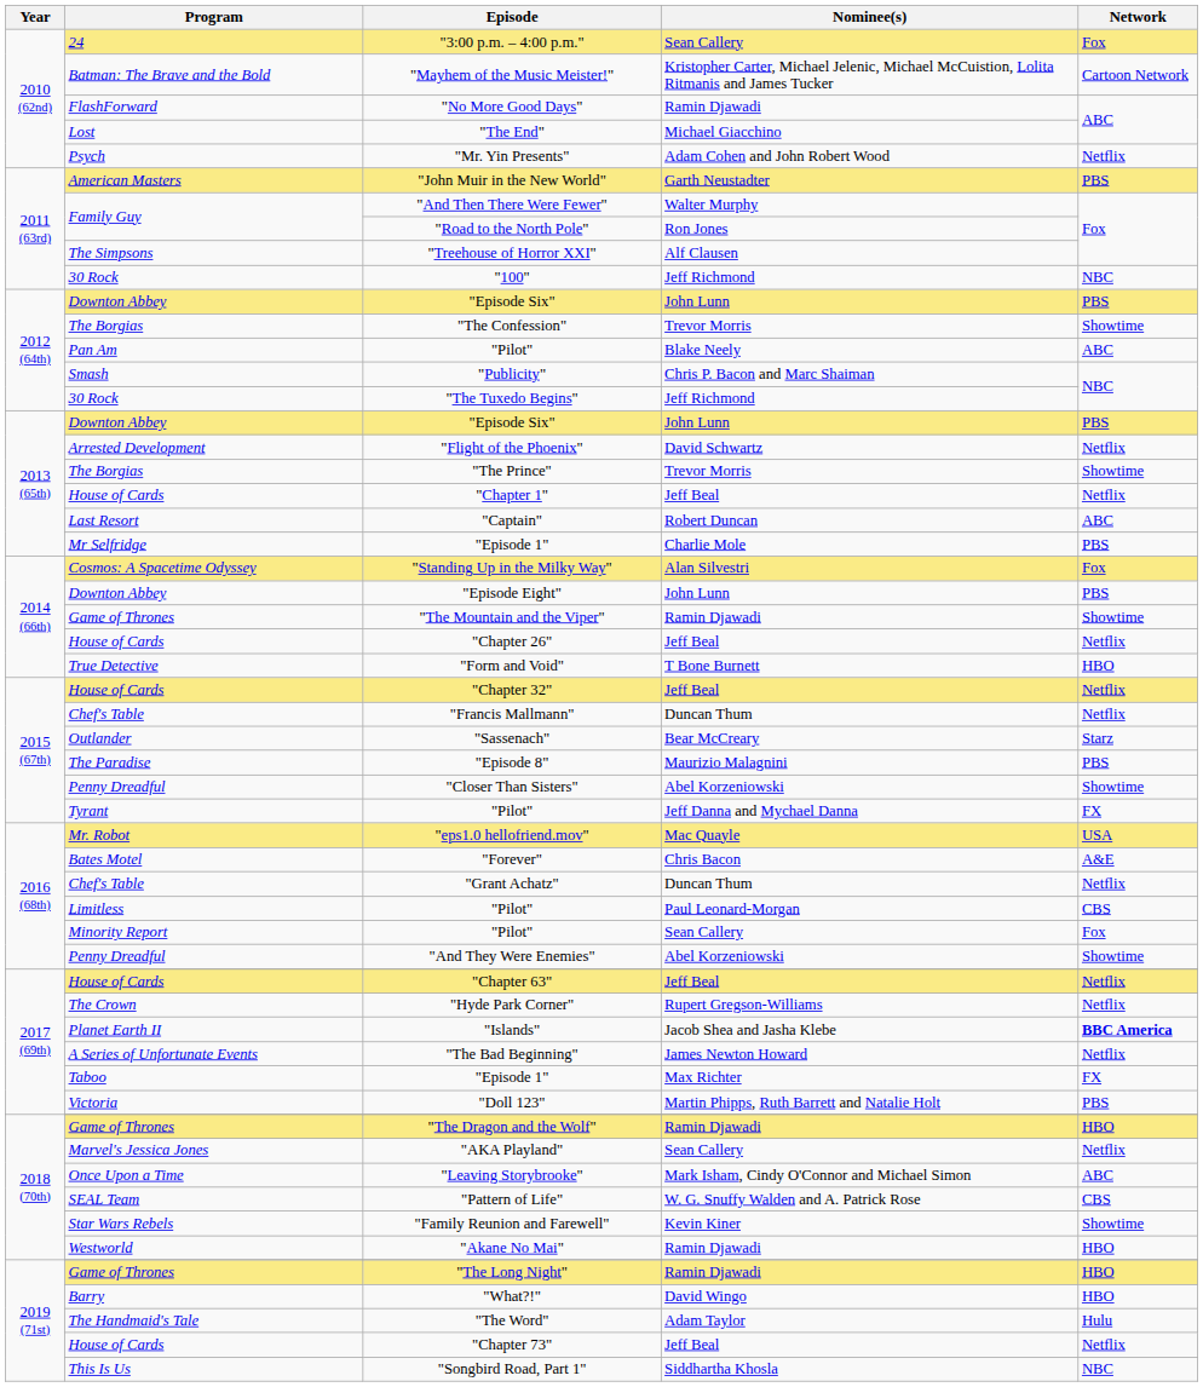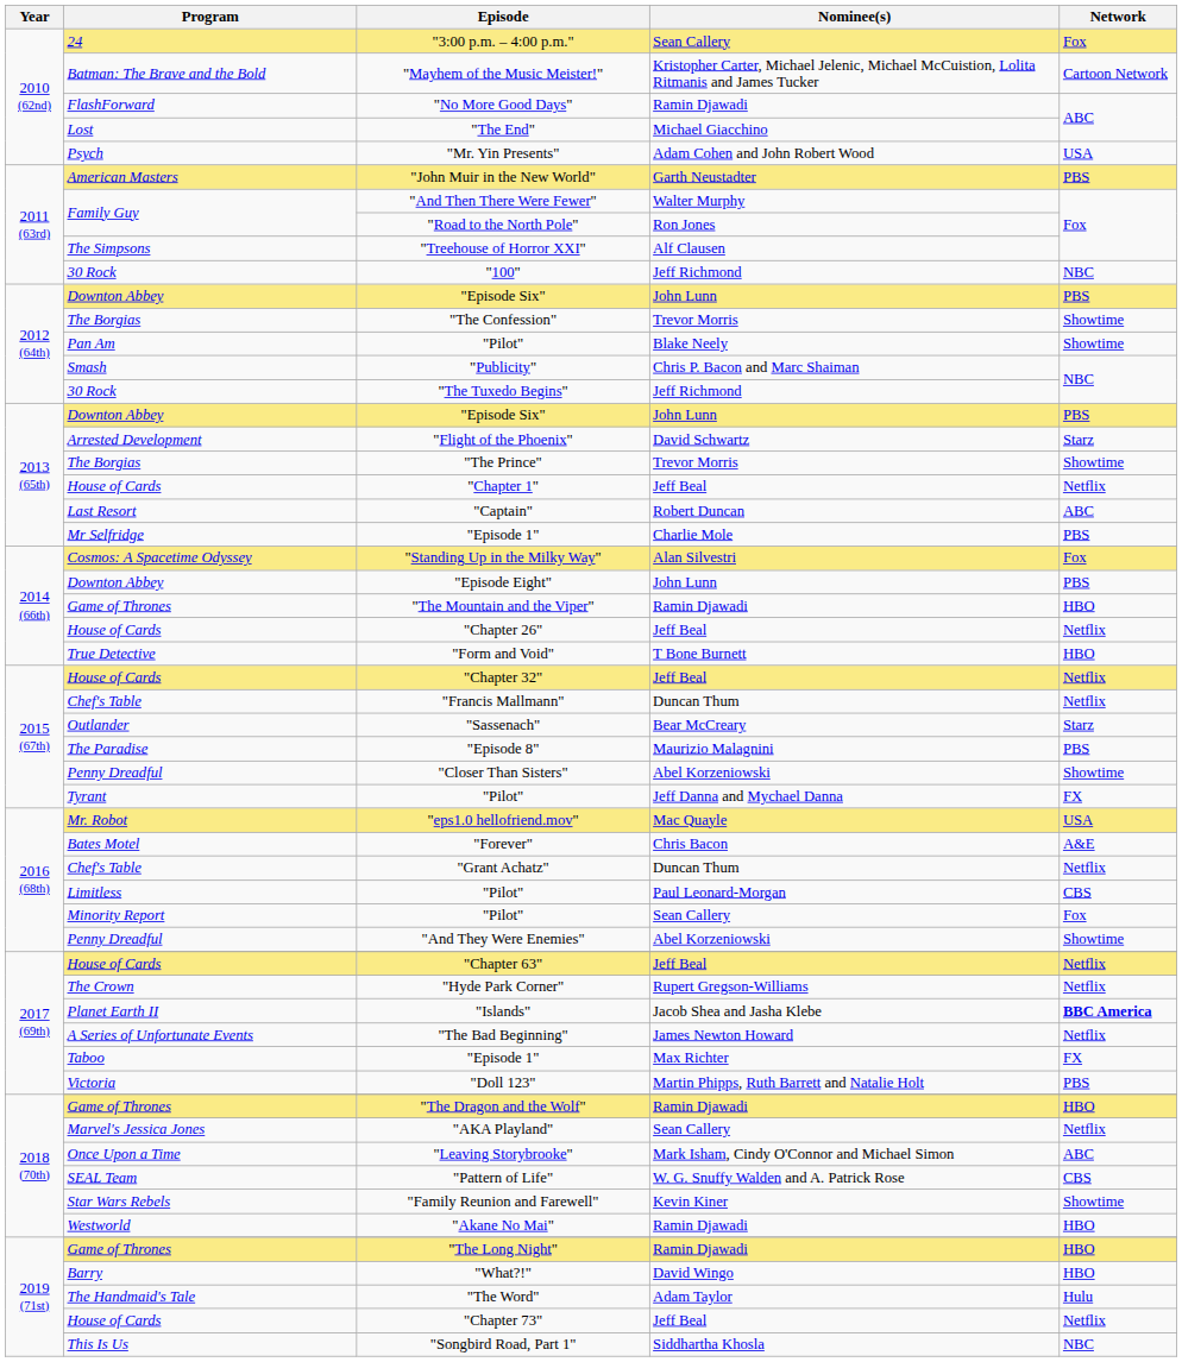 <table class="wikitable">
 <tr>
 <th width="5%">Year</th>
 <th width="25%">Program</th>
 <th width="25%">Episode</th>
 <th width="35%">Nominee(s)</th>
 <th width="10%">Network</th>
 </tr>
 <tr>
 <td rowspan="5" style="text-align:center;"><a href='#'>2010</a><br><small><a href='#'>(62nd)</a></small></td>
 <td style="background:#FAEB86;"><em><a href='#'>24</a></em></td>
 <td style="background:#FAEB86;" align=center>"3:00 p.m. – 4:00 p.m."</td>
 <td style="background:#FAEB86;"><a href='#'>Sean Callery</a></td>
 <td style="background:#FAEB86;"><a href='#'>Fox</a></td>
 </tr>
 <tr>
 <td><em><a href='#'>Batman: The Brave and the Bold</a></em></td>
 <td align=center>"<a href='#'>Mayhem of the Music Meister!</a>"</td>
 <td><a href='#'>Kristopher Carter</a>, Michael Jelenic, Michael McCuistion, <a href='#'>Lolita Ritmanis</a> and James Tucker</td>
 <td><a href='#'>Cartoon Network</a></td>
 </tr>
 <tr>
 <td><em><a href='#'>FlashForward</a></em></td>
 <td align=center>"<a href='#'>No More Good Days</a>"</td>
 <td><a href='#'>Ramin Djawadi</a></td>
 <td rowspan=2><a href='#'>ABC</a></td>
 </tr>
 <tr>
 <td><em><a href='#'>Lost</a></em></td>
 <td align=center>"<a href='#'>The End</a>"</td>
 <td><a href='#'>Michael Giacchino</a></td>
 </tr>
 <tr>
 <td><em><a href='#'>Psych</a></em></td>
 <td align=center>"Mr. Yin Presents"</td>
 <td><a href='#'>Adam Cohen</a> and John Robert Wood</td>
-<td><a href='#'>Netflix</a></td>
+<td><a href='#'>USA</a></td>
 </tr>
 <tr>
 <td rowspan="5" style="text-align:center;"><a href='#'>2011</a><br><small><a href='#'>(63rd)</a></small></td>
 <td style="background:#FAEB86;"><em><a href='#'>American Masters</a></em></td>
 <td style="background:#FAEB86;" align=center>"John Muir in the New World"</td>
 <td style="background:#FAEB86;"><a href='#'>Garth Neustadter</a></td>
 <td style="background:#FAEB86;"><a href='#'>PBS</a></td>
 </tr>
 <tr>
 <td rowspan=2><em><a href='#'>Family Guy</a></em></td>
 <td align=center>"<a href='#'>And Then There Were Fewer</a>"</td>
 <td><a href='#'>Walter Murphy</a></td>
 <td rowspan=3><a href='#'>Fox</a></td>
 </tr>
 <tr>
 <td align=center>"<a href='#'>Road to the North Pole</a>"</td>
 <td><a href='#'>Ron Jones</a></td>
 </tr>
 <tr>
 <td><em><a href='#'>The Simpsons</a></em></td>
 <td align=center>"<a href='#'>Treehouse of Horror XXI</a>"</td>
 <td><a href='#'>Alf Clausen</a></td>
 </tr>
 <tr>
 <td><em><a href='#'>30 Rock</a></em></td>
 <td align=center>"<a href='#'>100</a>"</td>
 <td><a href='#'>Jeff Richmond</a></td>
 <td><a href='#'>NBC</a></td>
 </tr>
 <tr>
 <td rowspan="5" style="text-align:center;"><a href='#'>2012</a><br><small><a href='#'>(64th)</a></small></td>
 <td style="background:#FAEB86;"><em><a href='#'>Downton Abbey</a></em></td>
 <td style="background:#FAEB86;" align=center>"Episode Six"</td>
 <td style="background:#FAEB86;"><a href='#'>John Lunn</a></td>
 <td style="background:#FAEB86;"><a href='#'>PBS</a></td>
 </tr>
 <tr>
 <td><em><a href='#'>The Borgias</a></em></td>
 <td align=center>"The Confession"</td>
 <td><a href='#'>Trevor Morris</a></td>
 <td><a href='#'>Showtime</a></td>
 </tr>
 <tr>
 <td><em><a href='#'>Pan Am</a></em></td>
 <td align=center>"Pilot"</td>
 <td><a href='#'>Blake Neely</a></td>
-<td><a href='#'>ABC</a></td>
+<td><a href='#'>Showtime</a></td>
 </tr>
 <tr>
 <td><em><a href='#'>Smash</a></em></td>
 <td align=center>"<a href='#'>Publicity</a>"</td>
 <td><a href='#'>Chris P. Bacon</a> and <a href='#'>Marc Shaiman</a></td>
 <td rowspan=2><a href='#'>NBC</a></td>
 </tr>
 <tr>
 <td><em><a href='#'>30 Rock</a></em></td>
 <td align=center>"<a href='#'>The Tuxedo Begins</a>"</td>
 <td><a href='#'>Jeff Richmond</a></td>
 </tr>
 <tr>
 <td rowspan="6" style="text-align:center;"><a href='#'>2013</a><br><small><a href='#'>(65th)</a></small></td>
 <td style="background:#FAEB86;"><em><a href='#'>Downton Abbey</a></em></td>
 <td style="background:#FAEB86;" align=center>"Episode Six"</td>
 <td style="background:#FAEB86;"><a href='#'>John Lunn</a></td>
 <td style="background:#FAEB86;"><a href='#'>PBS</a></td>
 </tr>
 <tr>
 <td><em><a href='#'>Arrested Development</a></em></td>
 <td align=center>"<a href='#'>Flight of the Phoenix</a>"</td>
 <td><a href='#'>David Schwartz</a></td>
-<td><a href='#'>Netflix</a></td>
+<td><a href='#'>Starz</a></td>
 </tr>
 <tr>
 <td><em><a href='#'>The Borgias</a></em></td>
 <td align=center>"The Prince"</td>
 <td><a href='#'>Trevor Morris</a></td>
 <td><a href='#'>Showtime</a></td>
 </tr>
 <tr>
 <td><em><a href='#'>House of Cards</a></em></td>
 <td align=center>"<a href='#'>Chapter 1</a>"</td>
 <td><a href='#'>Jeff Beal</a></td>
 <td><a href='#'>Netflix</a></td>
 </tr>
 <tr>
 <td><em><a href='#'>Last Resort</a></em></td>
 <td align=center>"Captain"</td>
 <td><a href='#'>Robert Duncan</a></td>
 <td><a href='#'>ABC</a></td>
 </tr>
 <tr>
 <td><em><a href='#'>Mr Selfridge</a></em></td>
 <td align=center>"Episode 1"</td>
 <td><a href='#'>Charlie Mole</a></td>
 <td><a href='#'>PBS</a></td>
 </tr>
 <tr>
 <td rowspan="5" style="text-align:center;"><a href='#'>2014</a><br><small><a href='#'>(66th)</a></small></td>
 <td style="background:#FAEB86;"><em><a href='#'>Cosmos: A Spacetime Odyssey</a></em></td>
 <td style="background:#FAEB86;" align=center>"<a href='#'>Standing Up in the Milky Way</a>"</td>
 <td style="background:#FAEB86;"><a href='#'>Alan Silvestri</a></td>
 <td style="background:#FAEB86;"><a href='#'>Fox</a></td>
 </tr>
 <tr>
 <td><em><a href='#'>Downton Abbey</a></em></td>
 <td align=center>"Episode Eight"</td>
 <td><a href='#'>John Lunn</a></td>
 <td><a href='#'>PBS</a></td>
 </tr>
 <tr>
 <td><em><a href='#'>Game of Thrones</a></em></td>
 <td align=center>"<a href='#'>The Mountain and the Viper</a>"</td>
 <td><a href='#'>Ramin Djawadi</a></td>
-<td><a href='#'>Showtime</a></td>
+<td><a href='#'>HBO</a></td>
 </tr>
 <tr>
 <td><em><a href='#'>House of Cards</a></em></td>
 <td align=center>"Chapter 26"</td>
 <td><a href='#'>Jeff Beal</a></td>
 <td><a href='#'>Netflix</a></td>
 </tr>
 <tr>
 <td><em><a href='#'>True Detective</a></em></td>
 <td align=center>"Form and Void"</td>
 <td><a href='#'>T Bone Burnett</a></td>
 <td><a href='#'>HBO</a></td>
 </tr>
 <tr>
 <td rowspan="6" style="text-align:center;"><a href='#'>2015</a><br><small><a href='#'>(67th)</a></small><br></td>
 <td style="background:#FAEB86;"><em><a href='#'>House of Cards</a></em></td>
 <td style="background:#FAEB86;" align=center>"Chapter 32"</td>
 <td style="background:#FAEB86;"><a href='#'>Jeff Beal</a></td>
 <td style="background:#FAEB86;"><a href='#'>Netflix</a></td>
 </tr>
 <tr>
 <td><em><a href='#'>Chef's Table</a></em></td>
 <td align=center>"Francis Mallmann"</td>
 <td>Duncan Thum</td>
 <td><a href='#'>Netflix</a></td>
 </tr>
 <tr>
 <td><em><a href='#'>Outlander</a></em></td>
 <td align=center>"Sassenach"</td>
 <td><a href='#'>Bear McCreary</a></td>
 <td><a href='#'>Starz</a></td>
 </tr>
 <tr>
 <td><em><a href='#'>The Paradise</a></em></td>
 <td align=center>"Episode 8"</td>
 <td><a href='#'>Maurizio Malagnini</a></td>
 <td><a href='#'>PBS</a></td>
 </tr>
 <tr>
 <td><em><a href='#'>Penny Dreadful</a></em></td>
 <td align=center>"Closer Than Sisters"</td>
 <td><a href='#'>Abel Korzeniowski</a></td>
 <td><a href='#'>Showtime</a></td>
 </tr>
 <tr>
 <td><em><a href='#'>Tyrant</a></em></td>
 <td align=center>"Pilot"</td>
 <td><a href='#'>Jeff Danna</a> and <a href='#'>Mychael Danna</a></td>
 <td><a href='#'>FX</a></td>
 </tr>
 <tr>
 <td rowspan="6" style="text-align:center;"><a href='#'>2016</a><br><small><a href='#'>(68th)</a></small><br></td>
 <td style="background:#FAEB86;"><em><a href='#'>Mr. Robot</a></em></td>
 <td style="background:#FAEB86;" align=center>"<a href='#'>eps1.0 hellofriend.mov</a>"</td>
 <td style="background:#FAEB86;"><a href='#'>Mac Quayle</a></td>
 <td style="background:#FAEB86;"><a href='#'>USA</a></td>
 </tr>
 <tr>
 <td><em><a href='#'>Bates Motel</a></em></td>
 <td align=center>"Forever"</td>
 <td><a href='#'>Chris Bacon</a></td>
 <td><a href='#'>A&E</a></td>
 </tr>
 <tr>
 <td><em><a href='#'>Chef's Table</a></em></td>
 <td align=center>"Grant Achatz"</td>
 <td>Duncan Thum</td>
 <td><a href='#'>Netflix</a></td>
 </tr>
 <tr>
 <td><em><a href='#'>Limitless</a></em></td>
 <td align=center>"Pilot"</td>
 <td><a href='#'>Paul Leonard-Morgan</a></td>
 <td><a href='#'>CBS</a></td>
 </tr>
 <tr>
 <td><em><a href='#'>Minority Report</a></em></td>
 <td align=center>"Pilot"</td>
 <td><a href='#'>Sean Callery</a></td>
 <td><a href='#'>Fox</a></td>
 </tr>
 <tr>
 <td><em><a href='#'>Penny Dreadful</a></em></td>
 <td align=center>"And They Were Enemies"</td>
 <td><a href='#'>Abel Korzeniowski</a></td>
 <td><a href='#'>Showtime</a></td>
 </tr>
 <tr>
 <td rowspan="7" style="text-align:center;"><a href='#'>2017</a><br><small><a href='#'>(69th)</a></small><br></td>
 </tr>
 <tr style="background:#FAEB86;">
 <td><em><a href='#'>House of Cards</a></em></td>
 <td align=center>"Chapter 63"</td>
 <td><a href='#'>Jeff Beal</a></td>
 <td><a href='#'>Netflix</a></td>
 </tr>
 <tr>
 <td><em><a href='#'>The Crown</a></em></td>
 <td align=center>"Hyde Park Corner"</td>
 <td><a href='#'>Rupert Gregson-Williams</a></td>
 <td><a href='#'>Netflix</a></td>
 </tr>
 <tr>
 <td><em><a href='#'>Planet Earth II</a></em></td>
 <td align=center>"Islands"</td>
 <td>Jacob Shea and Jasha Klebe</td>
 <td><strong><a href='#'>BBC America</a></strong></td>
 </tr>
 <tr>
 <td><em><a href='#'>A Series of Unfortunate Events</a></em></td>
 <td align=center>"The Bad Beginning"</td>
 <td><a href='#'>James Newton Howard</a></td>
 <td><a href='#'>Netflix</a></td>
 </tr>
 <tr>
 <td><em><a href='#'>Taboo</a></em></td>
 <td align=center>"Episode 1"</td>
 <td><a href='#'>Max Richter</a></td>
 <td><a href='#'>FX</a></td>
 </tr>
 <tr>
 <td><em><a href='#'>Victoria</a></em></td>
 <td align=center>"Doll 123"</td>
 <td><a href='#'>Martin Phipps</a>, <a href='#'>Ruth Barrett</a> and <a href='#'>Natalie Holt</a></td>
 <td><a href='#'>PBS</a></td>
 </tr>
 <tr>
 <td rowspan="7" style="text-align:center;"><a href='#'>2018</a><br><small><a href='#'>(70th)</a></small><br></td>
 </tr>
 <tr style="background:#FAEB86;">
 <td><em><a href='#'>Game of Thrones</a></em></td>
 <td align=center>"<a href='#'>The Dragon and the Wolf</a>"</td>
 <td><a href='#'>Ramin Djawadi</a></td>
 <td><a href='#'>HBO</a></td>
 </tr>
 <tr>
 <td><em><a href='#'>Marvel's Jessica Jones</a></em></td>
 <td align=center>"AKA Playland"</td>
 <td><a href='#'>Sean Callery</a></td>
 <td><a href='#'>Netflix</a></td>
 </tr>
 <tr>
 <td><em><a href='#'>Once Upon a Time</a></em></td>
 <td align=center>"<a href='#'>Leaving Storybrooke</a>"</td>
 <td><a href='#'>Mark Isham</a>, Cindy O'Connor and Michael Simon</td>
 <td><a href='#'>ABC</a></td>
 </tr>
 <tr>
 <td><em><a href='#'>SEAL Team</a></em></td>
 <td align=center>"Pattern of Life"</td>
 <td><a href='#'>W. G. Snuffy Walden</a> and A. Patrick Rose</td>
 <td><a href='#'>CBS</a></td>
 </tr>
 <tr>
 <td><em><a href='#'>Star Wars Rebels</a></em></td>
 <td align=center>"Family Reunion and Farewell"</td>
 <td><a href='#'>Kevin Kiner</a></td>
 <td><a href='#'>Showtime</a></td>
 </tr>
 <tr>
 <td><em><a href='#'>Westworld</a></em></td>
 <td align=center>"<a href='#'>Akane No Mai</a>"</td>
 <td><a href='#'>Ramin Djawadi</a></td>
 <td><a href='#'>HBO</a></td>
 </tr>
 <tr>
 <td rowspan=6 style="text-align:center"><a href='#'>2019</a><br><small><a href='#'>(71st)</a></small><br></td>
 </tr>
 <tr style="background:#FAEB86;">
 <td><em><a href='#'>Game of Thrones</a></em></td>
 <td align=center>"<a href='#'>The Long Night</a>"</td>
 <td><a href='#'>Ramin Djawadi</a></td>
 <td><a href='#'>HBO</a></td>
 </tr>
 <tr>
 <td><em><a href='#'>Barry</a></em></td>
 <td align=center>"What?!"</td>
 <td><a href='#'>David Wingo</a></td>
 <td><a href='#'>HBO</a></td>
 </tr>
 <tr>
 <td><em><a href='#'>The Handmaid's Tale</a></em></td>
 <td align=center>"The Word"</td>
 <td><a href='#'>Adam Taylor</a></td>
 <td><a href='#'>Hulu</a></td>
 </tr>
 <tr>
 <td><em><a href='#'>House of Cards</a></em></td>
 <td align=center>"Chapter 73"</td>
 <td><a href='#'>Jeff Beal</a></td>
 <td><a href='#'>Netflix</a></td>
 </tr>
 <tr>
 <td><em><a href='#'>This Is Us</a></em></td>
 <td align=center>"Songbird Road, Part 1"</td>
 <td><a href='#'>Siddhartha Khosla</a></td>
 <td><a href='#'>NBC</a></td>
 </tr>
 </table>
